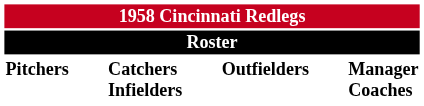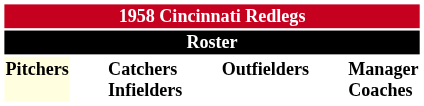 <table class="toccolours" style="font-size: 95%;">
 <tr>
 <th colspan="10" style="background-color: #c6011f; color: white; text-align: center;">1958 Cincinnati Redlegs</th>
 </tr>
 <tr>
 <td colspan="10" style="background-color: black; color: white; text-align: center;"><strong>Roster</strong></td>
 </tr>
 <tr>
-<td valign="top"><strong>Pitchers</strong><br>                   </td>
+<td valign="top" style="background: lightyellow;"><strong>Pitchers</strong><br>                   </td>
 <td width="25px"></td>
 <td valign="top"><strong>Catchers</strong><br>   <strong>Infielders</strong>          </td>
 <td width="25px"></td>
 <td valign="top"><strong>Outfielders</strong><br>         </td>
 <td width="25px"></td>
 <td valign="top"><strong>Manager</strong><br>  <strong>Coaches</strong>   </td>
 </tr>
 </table>
